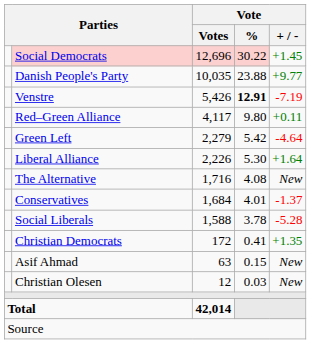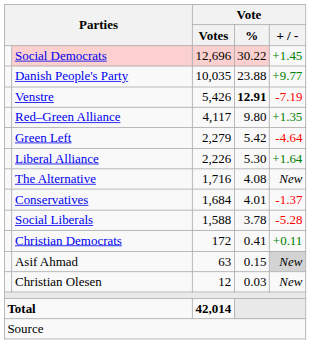 <table class="wikitable" style="text-align:right;">
 <tr>
 <th style="text-align:centre;" rowspan="2" colspan="2" width="225">Parties</th>
 <th colspan="3">Vote</th>
 </tr>
 <tr>
 <th width="15">Votes</th>
 <th width="15">%</th>
 <th width="15">+ / -</th>
 </tr>
 <tr>
 <td width="2" style="color:inherit;background:"></td>
 <td bgcolor=#fbd0ce  align="left"><a href='#'>Social Democrats</a></td>
 <td bgcolor=#fbd0ce>12,696</td>
 <td bgcolor=#fbd0ce>30.22</td>
 <td style=color:green;>+1.45</td>
 </tr>
 <tr>
 <td width="2" style="color:inherit;background:"></td>
 <td align="left"><a href='#'>Danish People's Party</a></td>
 <td>10,035</td>
 <td>23.88</td>
 <td style=color:green;>+9.77</td>
 </tr>
 <tr>
 <td width="2" style="color:inherit;background:"></td>
 <td align="left"><a href='#'>Venstre</a></td>
 <td>5,426</td>
 <td><strong>12.91</strong></td>
 <td style=color:red;>-7.19</td>
 </tr>
 <tr>
 <td width="2" style="color:inherit;background:"></td>
 <td align="left"><a href='#'>Red–Green Alliance</a></td>
 <td>4,117</td>
 <td>9.80</td>
-<td style=color:green;>+0.11</td>
+<td style=color:green;>+1.35</td>
 </tr>
 <tr>
 <td width="2" style="color:inherit;background:"></td>
 <td align="left"><a href='#'>Green Left</a></td>
 <td>2,279</td>
 <td>5.42</td>
 <td style=color:red;>-4.64</td>
 </tr>
 <tr>
 <td width="2" style="color:inherit;background:"></td>
 <td align="left"><a href='#'>Liberal Alliance</a></td>
 <td>2,226</td>
 <td>5.30</td>
 <td style=color:green;>+1.64</td>
 </tr>
 <tr>
 <td width="2" style="color:inherit;background:"></td>
 <td align="left"><a href='#'>The Alternative</a></td>
 <td>1,716</td>
 <td>4.08</td>
 <td><em>New</em></td>
 </tr>
 <tr>
 <td width="2" style="color:inherit;background:"></td>
 <td align="left"><a href='#'>Conservatives</a></td>
 <td>1,684</td>
 <td>4.01</td>
 <td style=color:red;>-1.37</td>
 </tr>
 <tr>
 <td width="2" style="color:inherit;background:"></td>
 <td align="left"><a href='#'>Social Liberals</a></td>
 <td>1,588</td>
 <td>3.78</td>
 <td style=color:red;>-5.28</td>
 </tr>
 <tr>
 <td width="2" style="color:inherit;background:"></td>
 <td align="left"><a href='#'>Christian Democrats</a></td>
 <td>172</td>
 <td>0.41</td>
-<td style=color:green;>+1.35</td>
+<td style=color:green;>+0.11</td>
 </tr>
 <tr>
 <td width="2" style="color:inherit;background:"></td>
 <td align="left">Asif Ahmad</td>
 <td>63</td>
 <td>0.15</td>
-<td><em>New</em></td>
+<td style="background: lightgrey;"><em>New</em></td>
 </tr>
 <tr>
 <td width="2" style="color:inherit;background:"></td>
 <td align="left">Christian Olesen</td>
 <td>12</td>
 <td>0.03</td>
 <td><em>New</em></td>
 </tr>
 <tr>
 <td colspan="7" bgcolor="#E9E9E9"></td>
 </tr>
 <tr>
 <td align="left" colspan="2"><strong>Total</strong></td>
 <td><strong>42,014</strong></td>
 <td bgcolor="#E9E9E9" colspan="2"></td>
 </tr>
 <tr>
 <td align="left" colspan="6">Source</td>
 </tr>
 </table>
